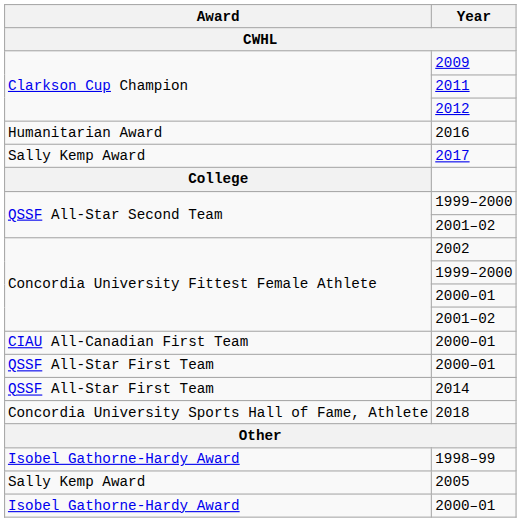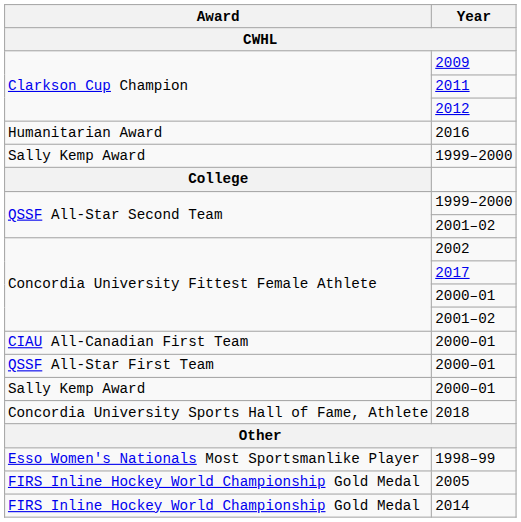 <table class="wikitable">
 <tr>
 <th scope="col">Award</th>
 <th scope="col">Year</th>
 </tr>
 <tr>
 <th colspan="2">CWHL</th>
 </tr>
 <tr>
 <td rowspan="3"><a href='#'>Clarkson Cup</a> Champion</td>
 <td><a href='#'>2009</a></td>
 </tr>
 <tr>
 <td><a href='#'>2011</a></td>
 </tr>
 <tr>
 <td><a href='#'>2012</a></td>
 </tr>
 <tr>
 <td>Humanitarian Award</td>
 <td>2016</td>
 </tr>
 <tr>
 <td>Sally Kemp Award</td>
-<td><a href='#'>2017</a></td>
+<td>1999–2000</td>
 </tr>
 <tr>
 <th>College</th>
 </tr>
 <tr>
 <td rowspan="2"><a href='#'>QSSF</a> All-Star Second Team</td>
 <td>1999–2000</td>
 </tr>
 <tr>
 <td>2001–02</td>
 </tr>
 <tr>
 <td rowspan=4>Concordia University Fittest Female Athlete</td>
 <td>2002</td>
 </tr>
 <tr>
-<td>1999–2000</td>
+<td><a href='#'>2017</a></td>
 </tr>
 <tr>
 <td>2000–01</td>
 </tr>
 <tr>
 <td>2001–02</td>
 </tr>
 <tr>
 <td><a href='#'>CIAU</a> All-Canadian First Team</td>
 <td>2000–01</td>
 </tr>
 <tr>
 <td><a href='#'>QSSF</a> All-Star First Team</td>
 <td>2000–01</td>
 </tr>
 <tr>
-<td><a href='#'>QSSF</a> All-Star First Team</td>
-<td>2014</td>
+<td>Sally Kemp Award</td>
+<td>2000–01</td>
 </tr>
 <tr>
 <td>Concordia University Sports Hall of Fame, Athlete</td>
 <td>2018</td>
 </tr>
 <tr>
 <th colspan="2">Other</th>
 </tr>
 <tr>
-<td><a href='#'>Isobel Gathorne-Hardy Award</a></td>
+<td><a href='#'>Esso Women's Nationals</a> Most Sportsmanlike Player</td>
 <td>1998–99</td>
 </tr>
 <tr>
-<td>Sally Kemp Award</td>
+<td><a href='#'>FIRS Inline Hockey World Championship</a> Gold Medal</td>
 <td>2005</td>
 </tr>
 <tr>
-<td><a href='#'>Isobel Gathorne-Hardy Award</a></td>
-<td>2000–01</td>
+<td><a href='#'>FIRS Inline Hockey World Championship</a> Gold Medal</td>
+<td>2014</td>
 </tr>
 </table>
